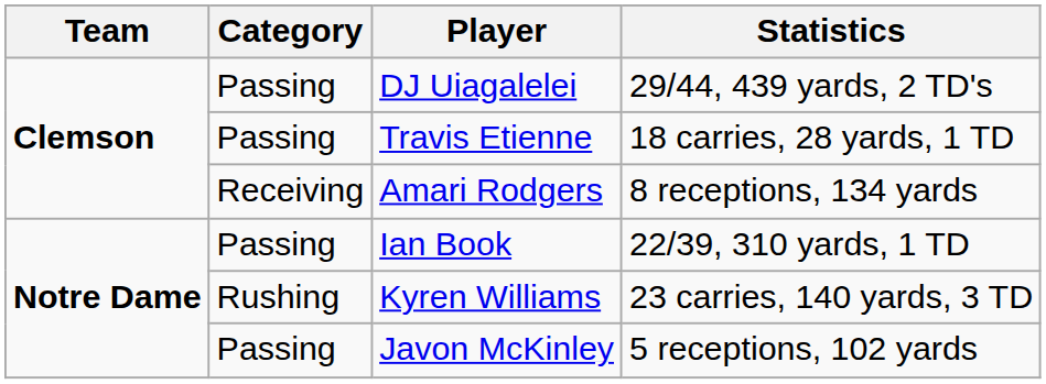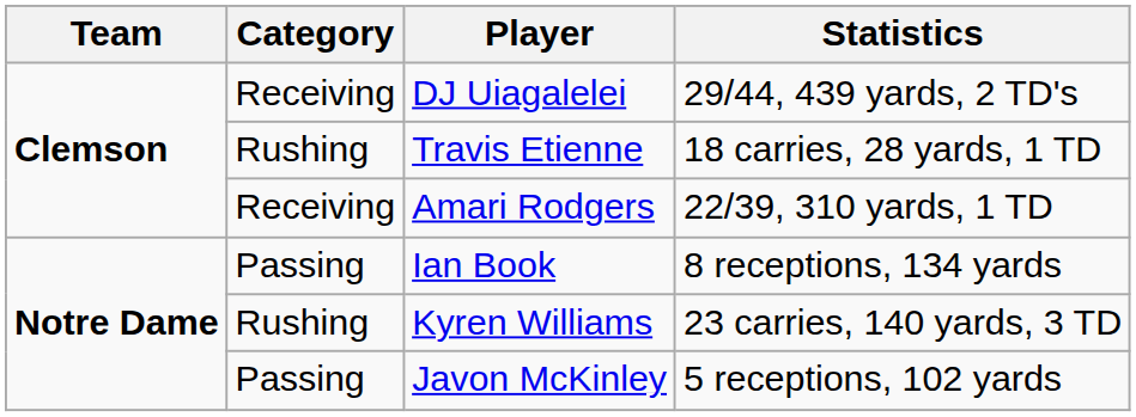 <table class="wikitable">
 <tr>
 <th>Team</th>
 <th>Category</th>
 <th>Player</th>
 <th>Statistics</th>
 </tr>
 <tr>
 <td rowspan=3><strong>Clemson</strong></td>
-<td>Passing</td>
+<td>Receiving</td>
 <td><a href='#'>DJ Uiagalelei</a></td>
 <td>29/44, 439 yards, 2 TD's</td>
 </tr>
 <tr>
-<td>Passing</td>
+<td>Rushing</td>
 <td><a href='#'>Travis Etienne</a></td>
 <td>18 carries, 28 yards, 1 TD</td>
 </tr>
 <tr>
 <td>Receiving</td>
 <td><a href='#'>Amari Rodgers</a></td>
-<td>8 receptions, 134 yards</td>
+<td>22/39, 310 yards, 1 TD</td>
 </tr>
 <tr>
 <td rowspan=3><strong>Notre Dame</strong></td>
 <td>Passing</td>
 <td><a href='#'>Ian Book</a></td>
-<td>22/39, 310 yards, 1 TD</td>
+<td>8 receptions, 134 yards</td>
 </tr>
 <tr>
 <td>Rushing</td>
 <td><a href='#'>Kyren Williams</a></td>
 <td>23 carries, 140 yards, 3 TD</td>
 </tr>
 <tr>
 <td>Passing</td>
 <td><a href='#'>Javon McKinley</a></td>
 <td>5 receptions, 102 yards</td>
 </tr>
 </table>
